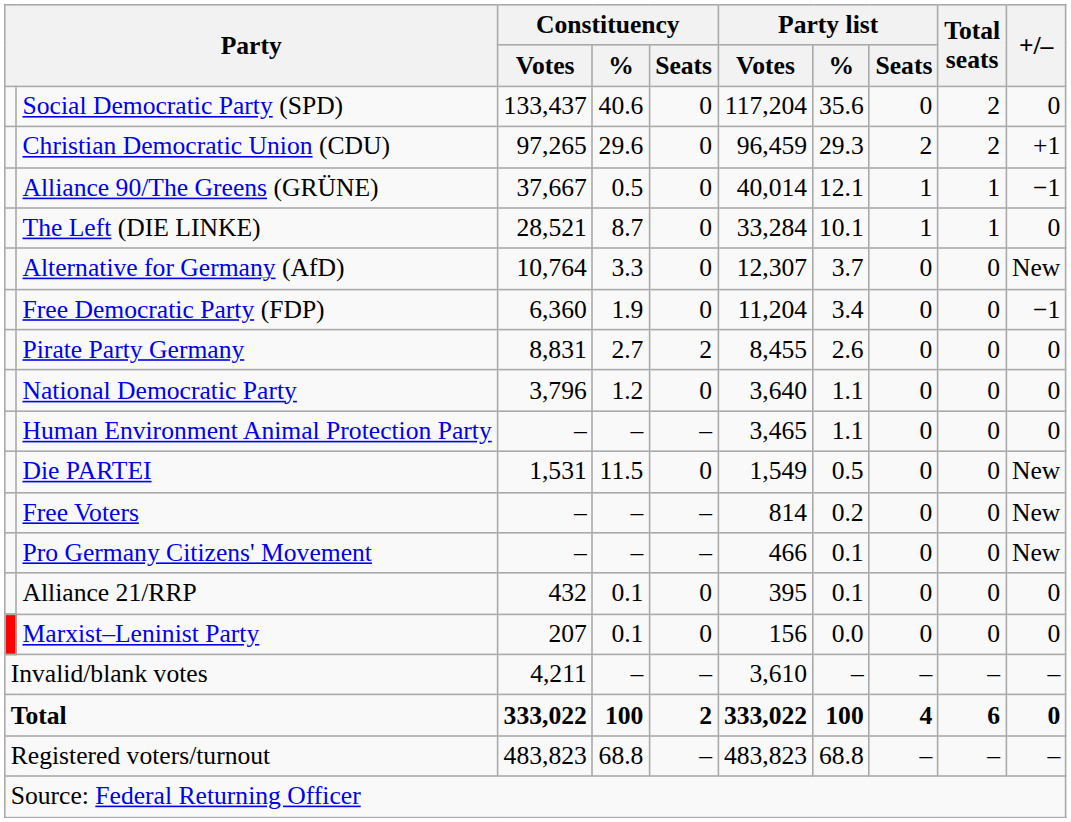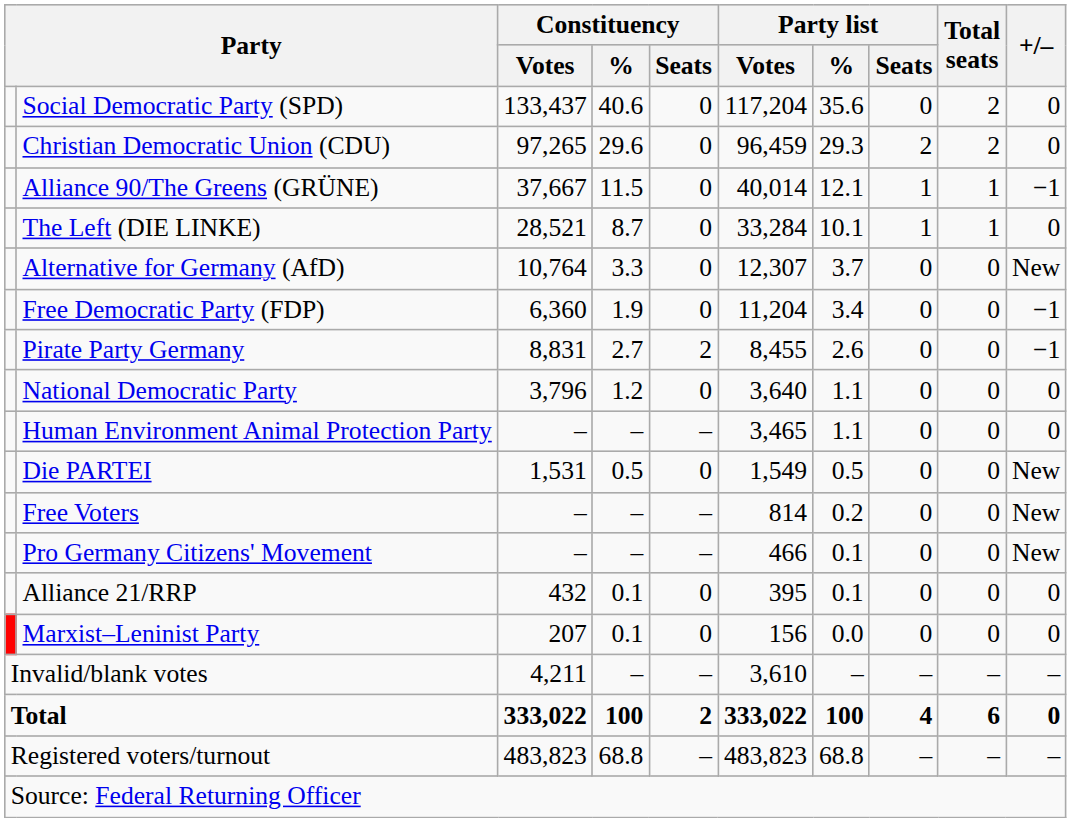 <table class="wikitable" style="text-align:right">
 <tr>
 <th colspan="2" rowspan="2">Party</th>
 <th colspan="3">Constituency</th>
 <th colspan="3">Party list</th>
 <th rowspan="2">Total<br>seats</th>
 <th rowspan="2">+/–</th>
 </tr>
 <tr>
 <th>Votes</th>
 <th>%</th>
 <th>Seats</th>
 <th>Votes</th>
 <th>%</th>
 <th>Seats</th>
 </tr>
 <tr>
 <td></td>
 <td align="left"><a href='#'>Social Democratic Party</a> (SPD)</td>
 <td>133,437</td>
 <td>40.6</td>
 <td>0</td>
 <td>117,204</td>
 <td>35.6</td>
 <td>0</td>
 <td>2</td>
 <td>0</td>
 </tr>
 <tr>
 <td></td>
 <td align="left"><a href='#'>Christian Democratic Union</a> (CDU)</td>
 <td>97,265</td>
 <td>29.6</td>
 <td>0</td>
 <td>96,459</td>
 <td>29.3</td>
 <td>2</td>
 <td>2</td>
-<td>+1</td>
+<td>0</td>
 </tr>
 <tr>
 <td></td>
 <td align="left"><a href='#'>Alliance 90/The Greens</a> (GRÜNE)</td>
 <td>37,667</td>
-<td>0.5</td>
+<td>11.5</td>
 <td>0</td>
 <td>40,014</td>
 <td>12.1</td>
 <td>1</td>
 <td>1</td>
 <td>−1</td>
 </tr>
 <tr>
 <td></td>
 <td align="left"><a href='#'>The Left</a> (DIE LINKE)</td>
 <td>28,521</td>
 <td>8.7</td>
 <td>0</td>
 <td>33,284</td>
 <td>10.1</td>
 <td>1</td>
 <td>1</td>
 <td>0</td>
 </tr>
 <tr>
 <td></td>
 <td align="left"><a href='#'>Alternative for Germany</a> (AfD)</td>
 <td>10,764</td>
 <td>3.3</td>
 <td>0</td>
 <td>12,307</td>
 <td>3.7</td>
 <td>0</td>
 <td>0</td>
 <td>New</td>
 </tr>
 <tr>
 <td></td>
 <td align="left"><a href='#'>Free Democratic Party</a> (FDP)</td>
 <td>6,360</td>
 <td>1.9</td>
 <td>0</td>
 <td>11,204</td>
 <td>3.4</td>
 <td>0</td>
 <td>0</td>
 <td>−1</td>
 </tr>
 <tr>
 <td style="background-color:"></td>
 <td align="left"><a href='#'>Pirate Party Germany</a></td>
 <td>8,831</td>
 <td>2.7</td>
 <td>2</td>
 <td>8,455</td>
 <td>2.6</td>
 <td>0</td>
 <td>0</td>
-<td>0</td>
+<td>−1</td>
 </tr>
 <tr>
 <td style="background-color:"></td>
 <td align="left"><a href='#'>National Democratic Party</a></td>
 <td>3,796</td>
 <td>1.2</td>
 <td>0</td>
 <td>3,640</td>
 <td>1.1</td>
 <td>0</td>
 <td>0</td>
 <td>0</td>
 </tr>
 <tr>
 <td style="background-color:"></td>
 <td align="left"><a href='#'>Human Environment Animal Protection Party</a></td>
 <td>–</td>
 <td>–</td>
 <td>–</td>
 <td>3,465</td>
 <td>1.1</td>
 <td>0</td>
 <td>0</td>
 <td>0</td>
 </tr>
 <tr>
 <td style="background-color:"></td>
 <td align="left"><a href='#'>Die PARTEI</a></td>
 <td>1,531</td>
-<td>11.5</td>
+<td>0.5</td>
 <td>0</td>
 <td>1,549</td>
 <td>0.5</td>
 <td>0</td>
 <td>0</td>
 <td>New</td>
 </tr>
 <tr>
 <td style="background-color:"></td>
 <td align="left"><a href='#'>Free Voters</a></td>
 <td>–</td>
 <td>–</td>
 <td>–</td>
 <td>814</td>
 <td>0.2</td>
 <td>0</td>
 <td>0</td>
 <td>New</td>
 </tr>
 <tr>
 <td></td>
 <td align="left"><a href='#'>Pro Germany Citizens' Movement</a></td>
 <td>–</td>
 <td>–</td>
 <td>–</td>
 <td>466</td>
 <td>0.1</td>
 <td>0</td>
 <td>0</td>
 <td>New</td>
 </tr>
 <tr>
 <td></td>
 <td align="left">Alliance 21/RRP</td>
 <td>432</td>
 <td>0.1</td>
 <td>0</td>
 <td>395</td>
 <td>0.1</td>
 <td>0</td>
 <td>0</td>
 <td>0</td>
 </tr>
 <tr>
 <td style="background-color:red"></td>
 <td align="left"><a href='#'>Marxist–Leninist Party</a></td>
 <td>207</td>
 <td>0.1</td>
 <td>0</td>
 <td>156</td>
 <td>0.0</td>
 <td>0</td>
 <td>0</td>
 <td>0</td>
 </tr>
 <tr>
 <td colspan="2" align="left">Invalid/blank votes</td>
 <td>4,211</td>
 <td>–</td>
 <td>–</td>
 <td>3,610</td>
 <td>–</td>
 <td>–</td>
 <td>–</td>
 <td>–</td>
 </tr>
 <tr>
 <td colspan="2" align="left"><strong>Total</strong></td>
 <td><strong>333,022</strong></td>
 <td><strong>100</strong></td>
 <td><strong>2</strong></td>
 <td><strong>333,022</strong></td>
 <td><strong>100</strong></td>
 <td><strong>4</strong></td>
 <td><strong>6</strong></td>
 <td><strong>0</strong></td>
 </tr>
 <tr>
 <td colspan="2" align="left">Registered voters/turnout</td>
 <td>483,823</td>
 <td>68.8</td>
 <td>–</td>
 <td>483,823</td>
 <td>68.8</td>
 <td>–</td>
 <td>–</td>
 <td>–</td>
 </tr>
 <tr>
 <td colspan="10" align="left">Source: <a href='#'>Federal Returning Officer</a></td>
 </tr>
 </table>
